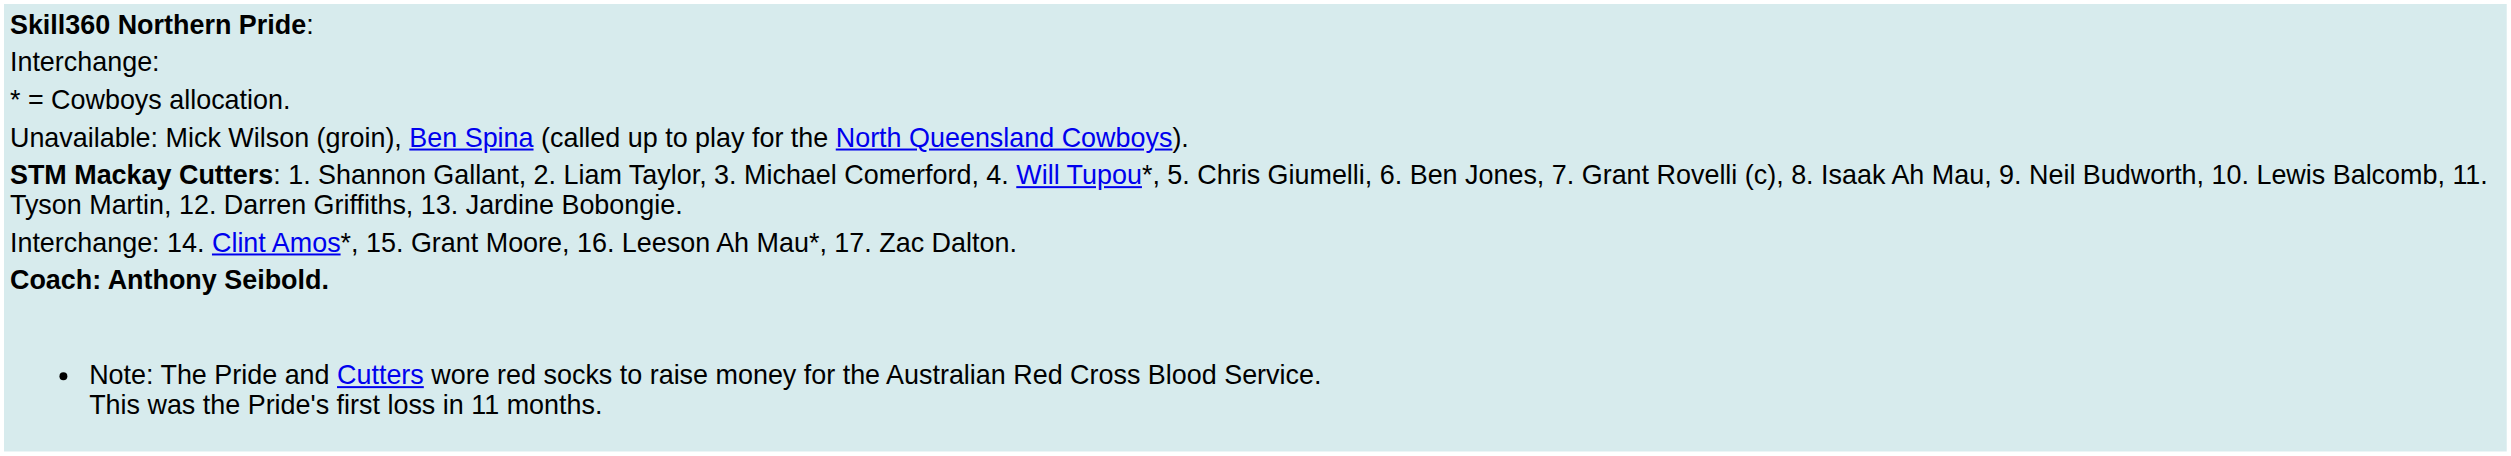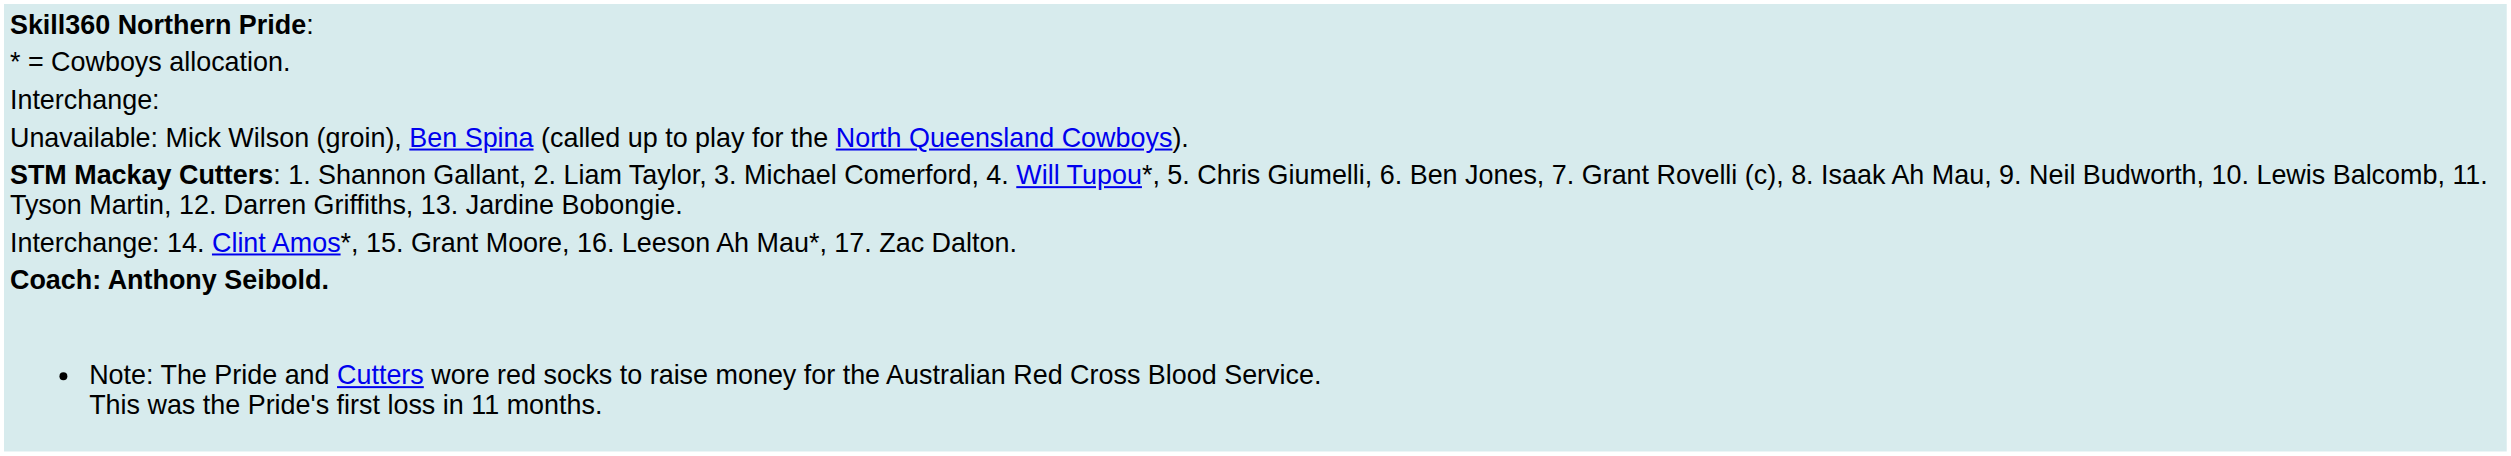 <table style="background:#d7ebed; font-size:85%; width:100%;">
 <tr>
 <td><strong>Skill360 Northern Pride</strong>:             </td>
 </tr>
 <tr>
-<td>Interchange:    </td>
+<td>* = Cowboys allocation.</td>
 </tr>
 <tr>
-<td>* = Cowboys allocation.</td>
+<td>Interchange:    </td>
 </tr>
 <tr>
 <td>Unavailable: Mick Wilson (groin), <a href='#'>Ben Spina</a> (called up to play for the <a href='#'>North Queensland Cowboys</a>).</td>
 </tr>
 <tr>
 <td><strong>STM Mackay Cutters</strong>: 1. Shannon Gallant, 2. Liam Taylor, 3. Michael Comerford, 4. <a href='#'>Will Tupou</a>*, 5. Chris Giumelli, 6. Ben Jones, 7. Grant Rovelli (c), 8. Isaak Ah Mau, 9. Neil Budworth, 10. Lewis Balcomb, 11. Tyson Martin, 12. Darren Griffiths, 13. Jardine Bobongie.</td>
 </tr>
 <tr>
 <td>Interchange: 14. <a href='#'>Clint Amos</a>*, 15. Grant Moore, 16. Leeson Ah Mau*, 17. Zac Dalton.</td>
 </tr>
 <tr>
 <td><strong>Coach: Anthony Seibold.</strong></td>
 </tr>
 <tr>
 <td><br><ul><li>Note: The Pride and <a href='#'>Cutters</a> wore red socks to raise money for the Australian Red Cross Blood Service.<br>This was the Pride's first loss in 11 months.</li></ul></td>
 </tr>
 </table>
